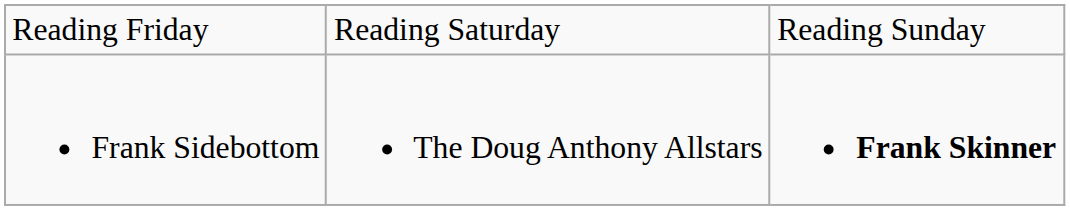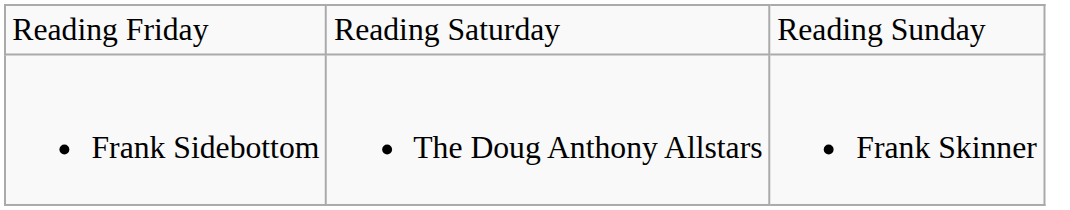 <table class="wikitable">
 <tr>
 <td>Reading Friday</td>
 <td>Reading Saturday</td>
 <td>Reading Sunday</td>
 </tr>
 <tr>
 <td><br><ul><li>Frank Sidebottom</li></ul></td>
 <td><br><ul><li>The Doug Anthony Allstars</li></ul></td>
-<td><strong><br><ul><li>Frank Skinner</li></ul></strong></td>
+<td><br><ul><li>Frank Skinner</li></ul></td>
 </tr>
 </table>
